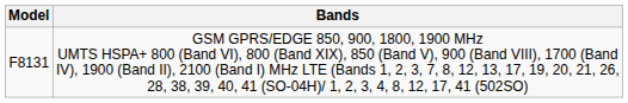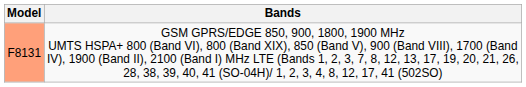 <table class="wikitable sortable" style="width:700px">
 <tr>
 <th style="width:10px;">Model</th>
 <th>Bands</th>
 </tr>
 <tr>
-<td style="text-align:center;">F8131</td>
+<td style="background: lightsalmon; text-align:center;">F8131</td>
 <td rowspan="2" style="text-align:center;">GSM GPRS/EDGE 850, 900, 1800, 1900 MHz<br>UMTS HSPA+ 800 (Band VI), 800 (Band XIX), 850 (Band V), 900 (Band VIII), 1700 (Band IV), 1900 (Band II), 2100 (Band I) MHz  LTE (Bands 1, 2, 3, 7, 8, 12, 13, 17, 19, 20, 21, 26, 28, 38, 39, 40, 41 (SO-04H)/ 1, 2, 3, 4, 8, 12, 17, 41 (502SO)</td>
 </tr>
 </table>
